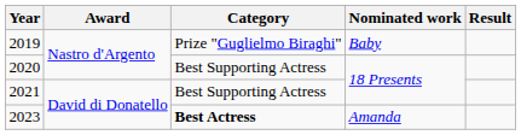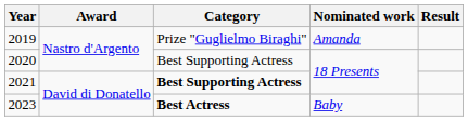 <table class="wikitable sortable">
 <tr>
 <th>Year</th>
 <th>Award</th>
 <th>Category</th>
 <th>Nominated work</th>
 <th>Result</th>
 </tr>
 <tr>
 <td>2019</td>
 <td rowspan="2"><a href='#'>Nastro d'Argento</a></td>
 <td>Prize "<a href='#'>Guglielmo Biraghi</a>"</td>
-<td><em><a href='#'>Baby</a></em></td>
+<td><em><a href='#'>Amanda</a></em></td>
 <td></td>
 </tr>
 <tr>
 <td>2020</td>
 <td>Best Supporting Actress</td>
 <td rowspan="2"><em><a href='#'>18 Presents</a></em></td>
 <td></td>
 </tr>
 <tr>
 <td>2021</td>
 <td rowspan="2"><a href='#'>David di Donatello</a></td>
-<td>Best Supporting Actress</td>
+<td><strong>Best Supporting Actress</strong></td>
 <td></td>
 </tr>
 <tr>
 <td>2023</td>
 <td><strong>Best Actress</strong></td>
-<td><em><a href='#'>Amanda</a></em></td>
+<td><em><a href='#'>Baby</a></em></td>
 <td></td>
 </tr>
 </table>
